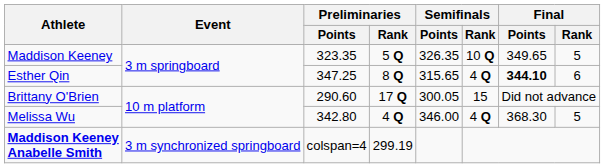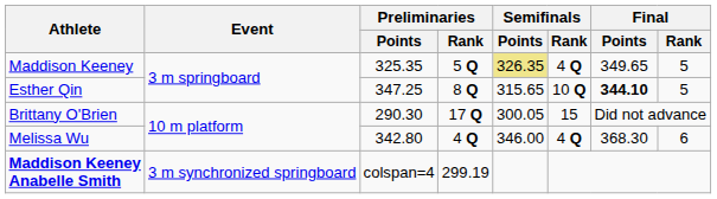 <table class=wikitable style="font-size:90%">
 <tr>
 <th rowspan="2">Athlete</th>
 <th rowspan="2">Event</th>
 <th colspan="2">Preliminaries</th>
 <th colspan="2">Semifinals</th>
 <th colspan="2">Final</th>
 </tr>
 <tr style="font-size:95%">
 <th>Points</th>
 <th>Rank</th>
 <th>Points</th>
 <th>Rank</th>
 <th>Points</th>
 <th>Rank</th>
 </tr>
 <tr align=center>
 <td align=left><a href='#'>Maddison Keeney</a></td>
 <td align=left rowspan=2><a href='#'>3 m springboard</a></td>
-<td>323.35</td>
+<td>325.35</td>
 <td>5 <strong>Q</strong></td>
-<td>326.35</td>
-<td>10 <strong>Q</strong></td>
+<td style="background: khaki;">326.35</td>
+<td>4 <strong>Q</strong></td>
 <td>349.65</td>
 <td>5</td>
 </tr>
 <tr align=center>
 <td align=left><a href='#'>Esther Qin</a></td>
 <td>347.25</td>
 <td>8 <strong>Q</strong></td>
 <td>315.65</td>
-<td>4 <strong>Q</strong></td>
+<td>10 <strong>Q</strong></td>
 <td><strong>344.10</strong></td>
-<td>6</td>
+<td>5</td>
 </tr>
 <tr align=center>
 <td align=left><a href='#'>Brittany O'Brien</a></td>
 <td align=left rowspan=2><a href='#'>10 m platform</a></td>
-<td>290.60</td>
+<td>290.30</td>
 <td>17 <strong>Q</strong></td>
 <td>300.05</td>
 <td>15</td>
 <td colspan=2>Did not advance</td>
 </tr>
 <tr align=center>
 <td align=left><a href='#'>Melissa Wu</a></td>
 <td>342.80</td>
 <td>4 <strong>Q</strong></td>
 <td>346.00</td>
 <td>4 <strong>Q</strong></td>
 <td>368.30</td>
-<td>5</td>
+<td>6</td>
 </tr>
 <tr align=center>
 <td align=left><strong><a href='#'>Maddison Keeney</a><br><a href='#'>Anabelle Smith</a></strong></td>
 <td align=left><a href='#'>3 m synchronized springboard</a></td>
 <td>colspan=4 </td>
 <td>299.19</td>
 <td></td>
 </tr>
 </table>
